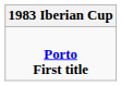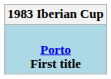 <table class=wikitable style="text-align: center; margin: 0 auto;">
 <tr>
 <th>1983 Iberian Cup</th>
 </tr>
 <tr>
-<td align=center><br><strong><a href='#'>Porto</a></strong><br><strong>First title</strong></td>
+<td align=center style="background: lightblue;"><br><strong><a href='#'>Porto</a></strong><br><strong>First title</strong></td>
 </tr>
 </table>
